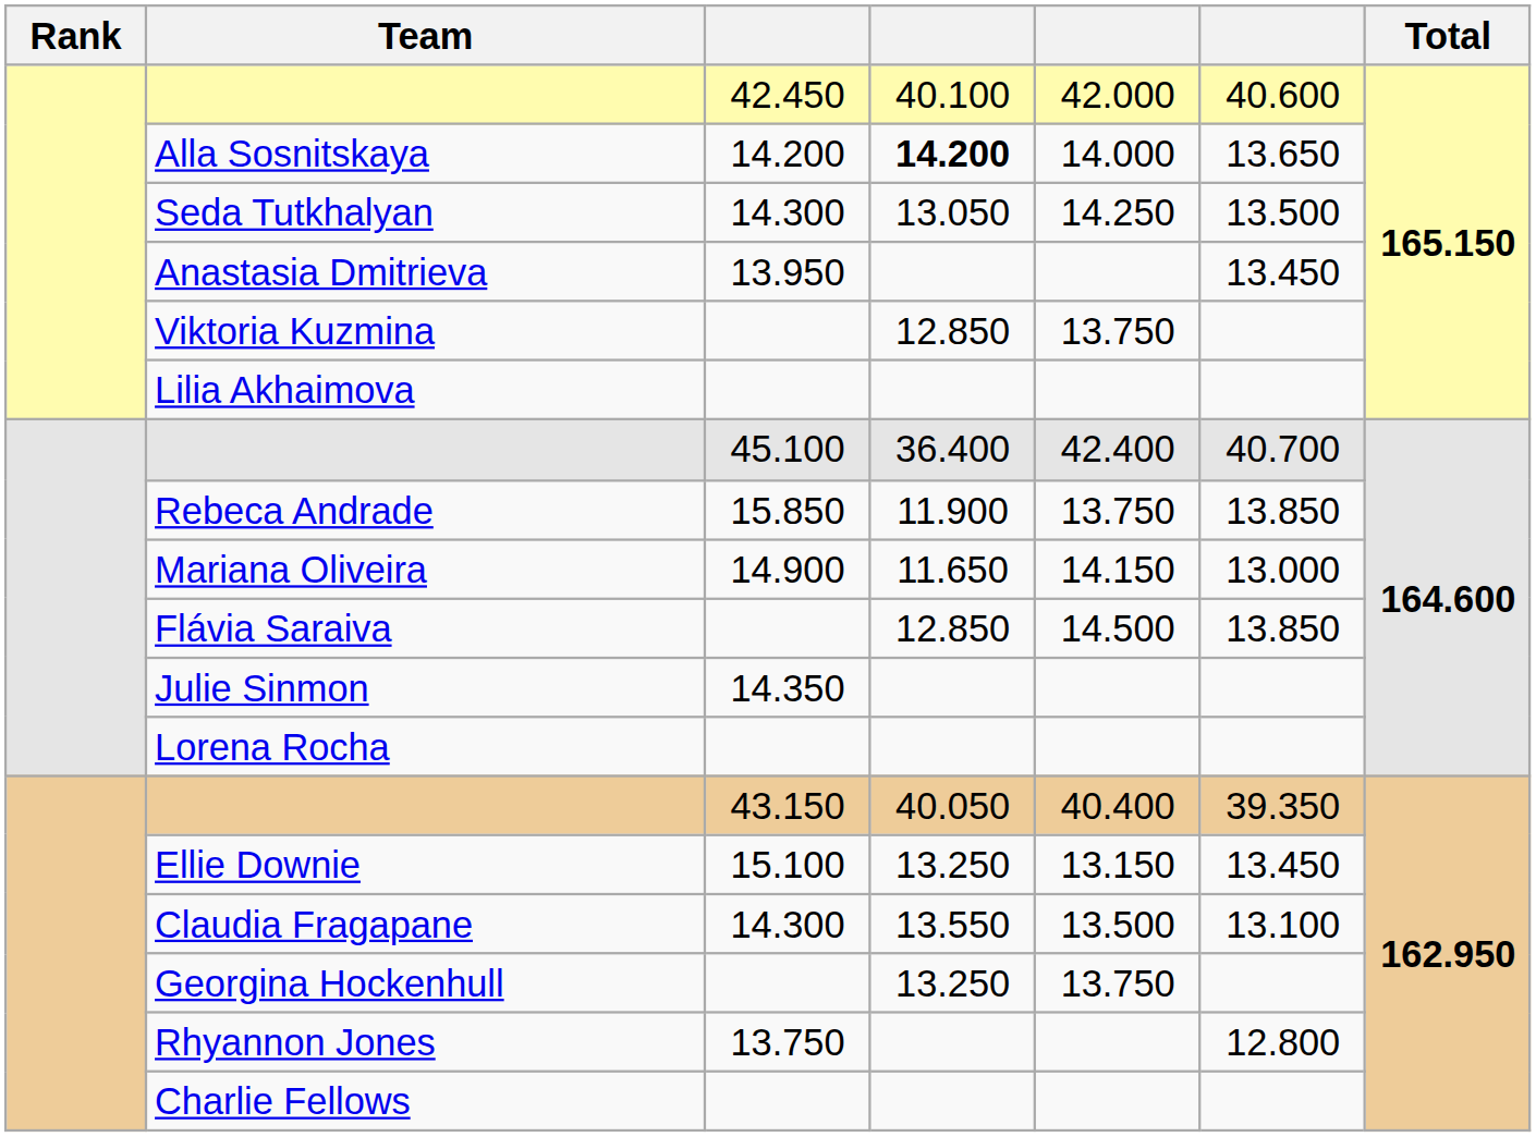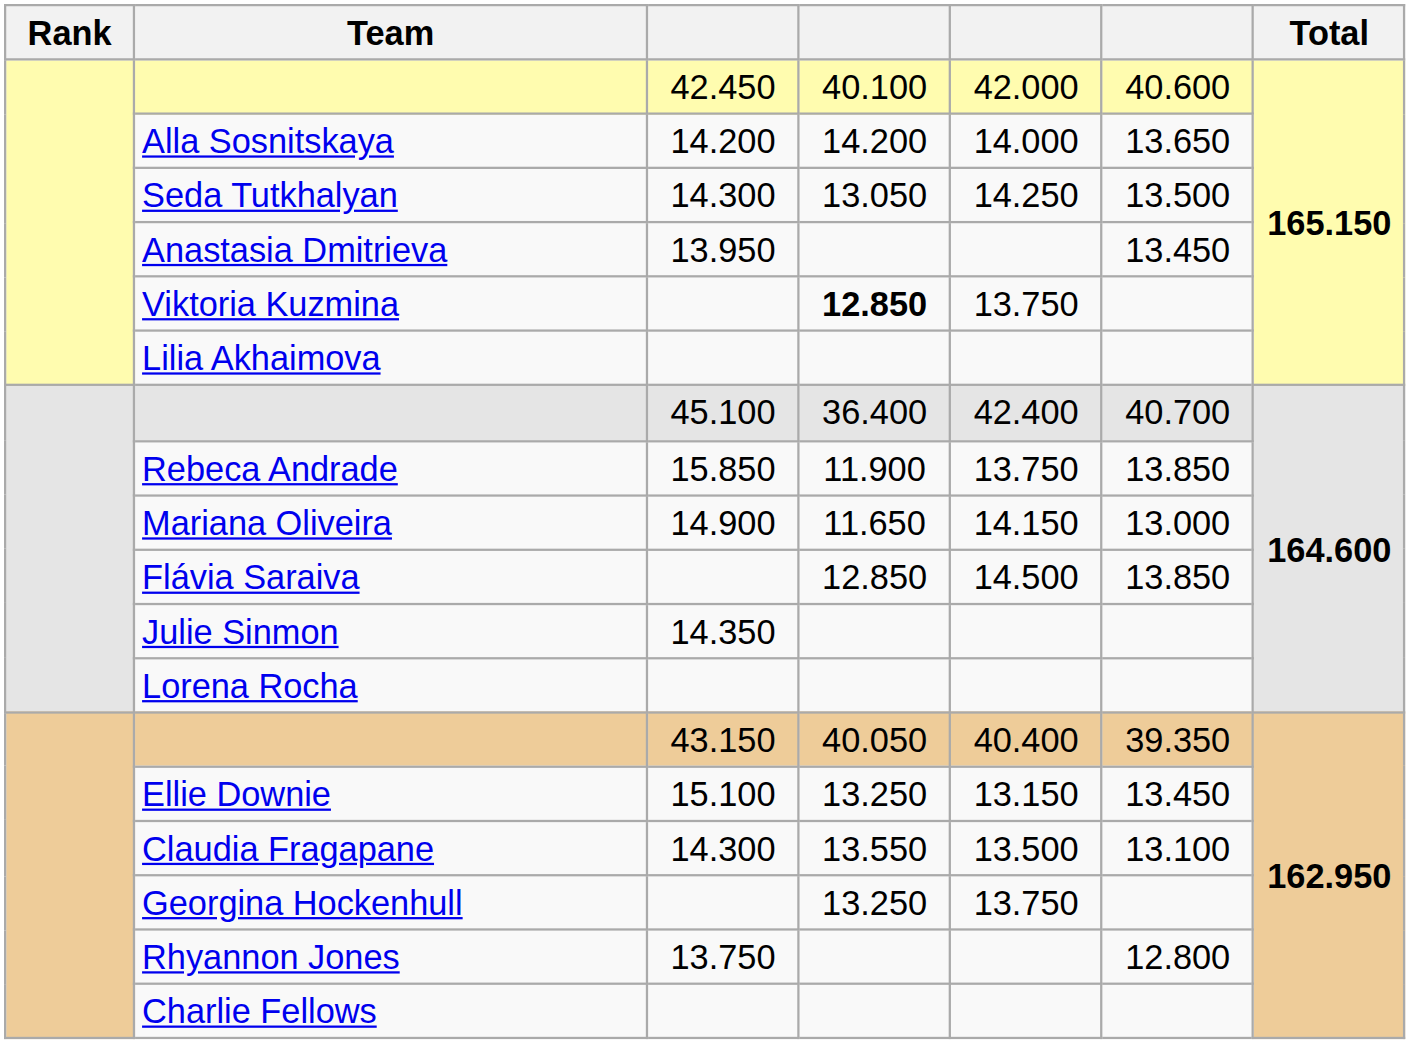 <table class="wikitable" style="text-align:center; font-size:95%">
 <tr>
 <th scope="col" style="width:50px;">Rank</th>
 <th scope="col" style="width:220px;">Team</th>
 <th scope="col" style="width:60px;"></th>
 <th scope="col" style="width:60px;"></th>
 <th scope="col" style="width:60px;"></th>
 <th scope="col" style="width:60px;"></th>
 <th scope="col" style="width:60px;">Total</th>
 </tr>
 <tr style="background:#fffcaf;">
 <td rowspan=6></td>
 <td style="text-align:left;"><strong></strong></td>
 <td>42.450</td>
 <td>40.100</td>
 <td>42.000</td>
 <td>40.600</td>
 <td rowspan=6><strong>165.150</strong></td>
 </tr>
 <tr>
 <td style="text-align:left;"><a href='#'>Alla Sosnitskaya</a></td>
 <td>14.200</td>
-<td><strong>14.200</strong></td>
+<td>14.200</td>
 <td>14.000</td>
 <td>13.650</td>
 </tr>
 <tr>
 <td style="text-align:left;"><a href='#'>Seda Tutkhalyan</a></td>
 <td>14.300</td>
 <td>13.050</td>
 <td>14.250</td>
 <td>13.500</td>
 </tr>
 <tr>
 <td style="text-align:left;"><a href='#'>Anastasia Dmitrieva</a></td>
 <td>13.950</td>
 <td></td>
 <td></td>
 <td>13.450</td>
 </tr>
 <tr>
 <td style="text-align:left;"><a href='#'>Viktoria Kuzmina</a></td>
 <td></td>
-<td>12.850</td>
+<td><strong>12.850</strong></td>
 <td>13.750</td>
 <td></td>
 </tr>
 <tr>
 <td style="text-align:left;"><a href='#'>Lilia Akhaimova</a></td>
 <td></td>
 <td></td>
 <td></td>
 <td></td>
 </tr>
 <tr style="background:#e5e5e5;">
 <td rowspan=6></td>
 <td style="text-align:left;"><strong></strong></td>
 <td>45.100</td>
 <td>36.400</td>
 <td>42.400</td>
 <td>40.700</td>
 <td rowspan=6><strong>164.600</strong></td>
 </tr>
 <tr>
 <td style="text-align:left;"><a href='#'>Rebeca Andrade</a></td>
 <td>15.850</td>
 <td>11.900</td>
 <td>13.750</td>
 <td>13.850</td>
 </tr>
 <tr>
 <td style="text-align:left;"><a href='#'>Mariana Oliveira</a></td>
 <td>14.900</td>
 <td>11.650</td>
 <td>14.150</td>
 <td>13.000</td>
 </tr>
 <tr>
 <td style="text-align:left;"><a href='#'>Flávia Saraiva</a></td>
 <td></td>
 <td>12.850</td>
 <td>14.500</td>
 <td>13.850</td>
 </tr>
 <tr>
 <td style="text-align:left;"><a href='#'>Julie Sinmon</a></td>
 <td>14.350</td>
 <td></td>
 <td></td>
 <td></td>
 </tr>
 <tr>
 <td style="text-align:left;"><a href='#'>Lorena Rocha</a></td>
 <td></td>
 <td></td>
 <td></td>
 <td></td>
 </tr>
 <tr style="background:#ec9;">
 <td rowspan=6></td>
 <td style="text-align:left;"><strong></strong></td>
 <td>43.150</td>
 <td>40.050</td>
 <td>40.400</td>
 <td>39.350</td>
 <td rowspan=6><strong>162.950</strong></td>
 </tr>
 <tr>
 <td style="text-align:left;"><a href='#'>Ellie Downie</a></td>
 <td>15.100</td>
 <td>13.250</td>
 <td>13.150</td>
 <td>13.450</td>
 </tr>
 <tr>
 <td style="text-align:left;"><a href='#'>Claudia Fragapane</a></td>
 <td>14.300</td>
 <td>13.550</td>
 <td>13.500</td>
 <td>13.100</td>
 </tr>
 <tr>
 <td style="text-align:left;"><a href='#'>Georgina Hockenhull</a></td>
 <td></td>
 <td>13.250</td>
 <td>13.750</td>
 <td></td>
 </tr>
 <tr>
 <td style="text-align:left;"><a href='#'>Rhyannon Jones</a></td>
 <td>13.750</td>
 <td></td>
 <td></td>
 <td>12.800</td>
 </tr>
 <tr>
 <td style="text-align:left;"><a href='#'>Charlie Fellows</a></td>
 <td></td>
 <td></td>
 <td></td>
 <td></td>
 </tr>
 </table>
